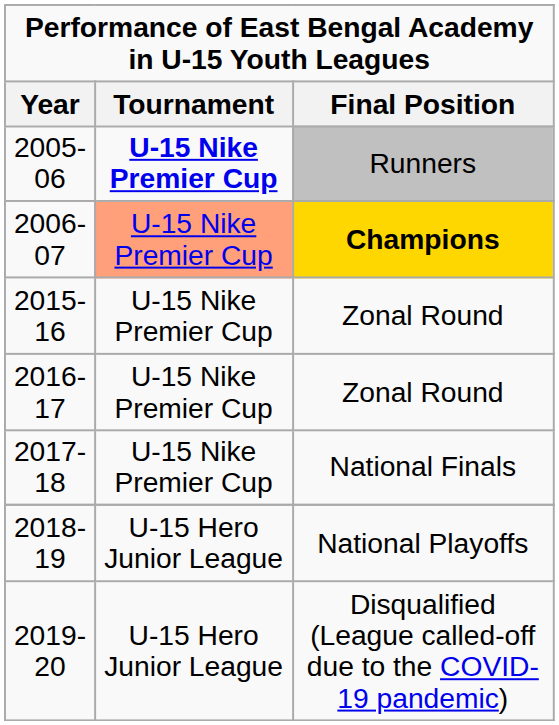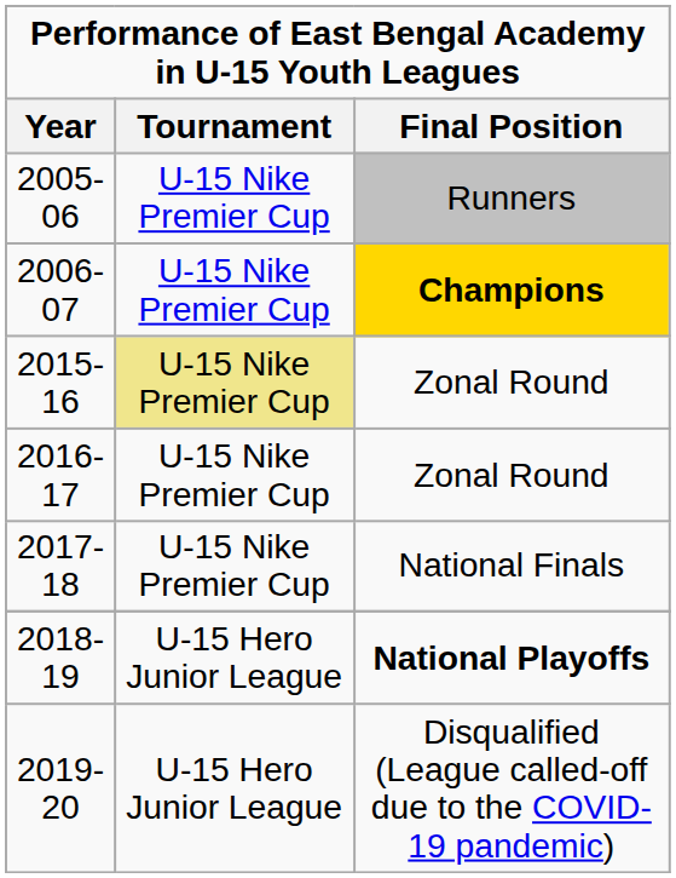 <table class="wikitable sortable" style="text-align:center; font-size:90%; width:45%;">
 <tr>
 <td colspan="3"><strong>Performance of East Bengal Academy in U-15 Youth Leagues</strong></td>
 </tr>
 <tr>
 <th style="text-align:center; width:"5%";">Year</th>
 <th style="text-align:center; width:"20%";">Tournament</th>
 <th style="text-align:center; width:"20%";">Final Position</th>
 </tr>
 <tr>
 <td>2005-06</td>
-<td><strong><a href='#'>U-15 Nike Premier Cup</a></strong></td>
+<td><a href='#'>U-15 Nike Premier Cup</a></td>
 <td bgcolor=silver>Runners</td>
 </tr>
 <tr>
 <td>2006-07</td>
-<td style="background: lightsalmon;"><a href='#'>U-15 Nike Premier Cup</a></td>
+<td><a href='#'>U-15 Nike Premier Cup</a></td>
 <td bgcolor=gold><strong>Champions</strong></td>
 </tr>
 <tr>
 <td>2015-16</td>
-<td>U-15 Nike Premier Cup</td>
+<td style="background: khaki;">U-15 Nike Premier Cup</td>
 <td>Zonal Round</td>
 </tr>
 <tr>
 <td>2016-17</td>
 <td>U-15 Nike Premier Cup</td>
 <td>Zonal Round</td>
 </tr>
 <tr>
 <td>2017-18</td>
 <td>U-15 Nike Premier Cup</td>
 <td>National Finals</td>
 </tr>
 <tr>
 </tr>
 <tr>
 <td>2018-19</td>
 <td>U-15 Hero Junior League</td>
-<td>National Playoffs</td>
+<td><strong>National Playoffs</strong></td>
 </tr>
 <tr>
 <td>2019-20</td>
 <td>U-15 Hero Junior League</td>
 <td>Disqualified (League called-off due to the <a href='#'>COVID-19 pandemic</a>)</td>
 </tr>
 </table>
